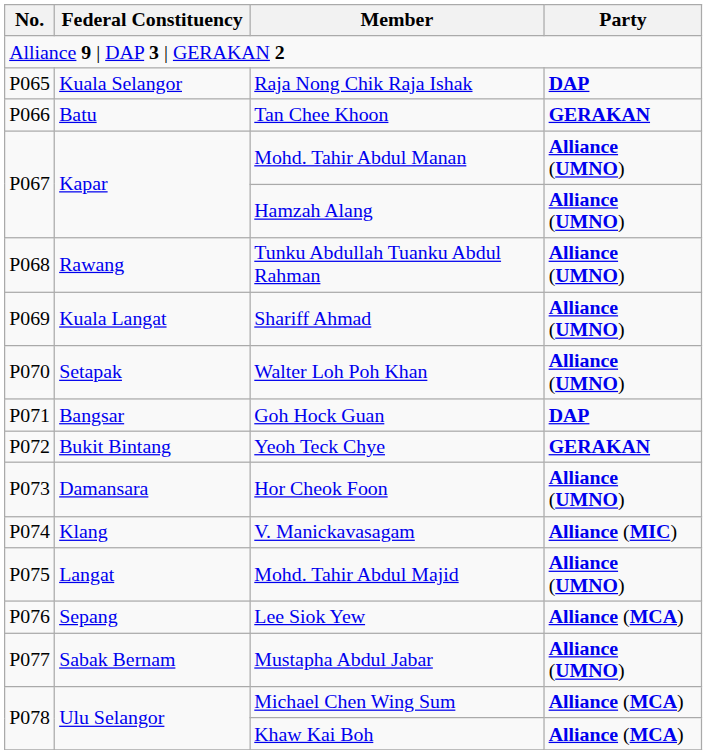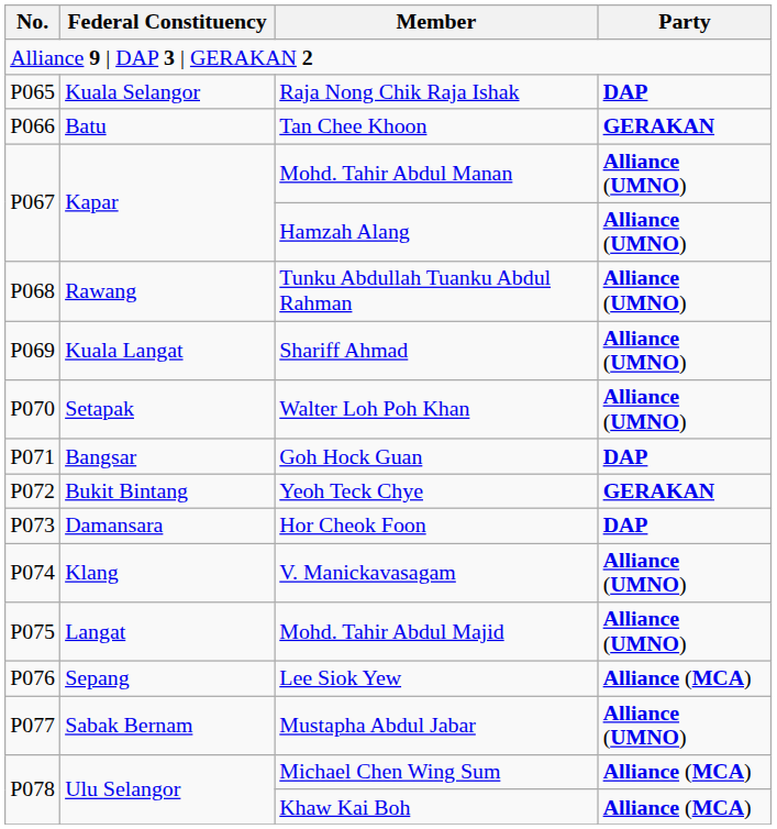 <table class="wikitable sortable">
 <tr>
 <th style="width:30px;">No.</th>
 <th style="width:150px;">Federal Constituency</th>
 <th style="width:230px;">Member</th>
 <th style="width:120px;">Party</th>
 </tr>
 <tr>
 <td colspan="4"><a href='#'>Alliance</a> <strong>9</strong> | <a href='#'>DAP</a> <strong>3</strong> | <a href='#'>GERAKAN</a> <strong>2</strong></td>
 </tr>
 <tr>
 <td>P065</td>
 <td><a href='#'>Kuala Selangor</a></td>
 <td><a href='#'>Raja Nong Chik Raja Ishak</a></td>
 <td><strong><a href='#'>DAP</a></strong></td>
 </tr>
 <tr>
 <td>P066</td>
 <td><a href='#'>Batu</a></td>
 <td><a href='#'>Tan Chee Khoon</a></td>
 <td><strong><a href='#'>GERAKAN</a></strong></td>
 </tr>
 <tr>
 <td rowspan=2>P067</td>
 <td rowspan=2><a href='#'>Kapar</a></td>
 <td><a href='#'>Mohd. Tahir Abdul Manan</a> </td>
 <td><strong><a href='#'>Alliance</a></strong> (<strong><a href='#'>UMNO</a></strong>)</td>
 </tr>
 <tr>
 <td><a href='#'>Hamzah Alang</a> </td>
 <td><strong><a href='#'>Alliance</a></strong> (<strong><a href='#'>UMNO</a></strong>)</td>
 </tr>
 <tr>
 <td>P068</td>
 <td><a href='#'>Rawang</a></td>
 <td><a href='#'>Tunku Abdullah Tuanku Abdul Rahman</a></td>
 <td><strong><a href='#'>Alliance</a></strong> (<strong><a href='#'>UMNO</a></strong>)</td>
 </tr>
 <tr>
 <td>P069</td>
 <td><a href='#'>Kuala Langat</a></td>
 <td><a href='#'>Shariff Ahmad</a></td>
 <td><strong><a href='#'>Alliance</a></strong> (<strong><a href='#'>UMNO</a></strong>)</td>
 </tr>
 <tr>
 <td>P070</td>
 <td><a href='#'>Setapak</a></td>
 <td><a href='#'>Walter Loh Poh Khan</a></td>
 <td><strong><a href='#'>Alliance</a></strong> (<strong><a href='#'>UMNO</a></strong>)</td>
 </tr>
 <tr>
 <td>P071</td>
 <td><a href='#'>Bangsar</a></td>
 <td><a href='#'>Goh Hock Guan</a></td>
 <td><strong><a href='#'>DAP</a></strong></td>
 </tr>
 <tr>
 <td>P072</td>
 <td><a href='#'>Bukit Bintang</a></td>
 <td><a href='#'>Yeoh Teck Chye</a></td>
 <td><strong><a href='#'>GERAKAN</a></strong></td>
 </tr>
 <tr>
 <td>P073</td>
 <td><a href='#'>Damansara</a></td>
 <td><a href='#'>Hor Cheok Foon</a></td>
-<td><strong><a href='#'>Alliance</a></strong> (<strong><a href='#'>UMNO</a></strong>)</td>
+<td><strong><a href='#'>DAP</a></strong></td>
 </tr>
 <tr>
 <td>P074</td>
 <td><a href='#'>Klang</a></td>
 <td><a href='#'>V. Manickavasagam</a></td>
-<td><strong><a href='#'>Alliance</a></strong> (<strong><a href='#'>MIC</a></strong>)</td>
+<td><strong><a href='#'>Alliance</a></strong> (<strong><a href='#'>UMNO</a></strong>)</td>
 </tr>
 <tr>
 <td>P075</td>
 <td><a href='#'>Langat</a></td>
 <td><a href='#'>Mohd. Tahir Abdul Majid</a></td>
 <td><strong><a href='#'>Alliance</a></strong> (<strong><a href='#'>UMNO</a></strong>)</td>
 </tr>
 <tr>
 <td>P076</td>
 <td><a href='#'>Sepang</a></td>
 <td><a href='#'>Lee Siok Yew</a></td>
 <td><strong><a href='#'>Alliance</a></strong> (<strong><a href='#'>MCA</a></strong>)</td>
 </tr>
 <tr>
 <td>P077</td>
 <td><a href='#'>Sabak Bernam</a></td>
 <td><a href='#'>Mustapha Abdul Jabar</a></td>
 <td><strong><a href='#'>Alliance</a></strong> (<strong><a href='#'>UMNO</a></strong>)</td>
 </tr>
 <tr>
 <td rowspan=2>P078</td>
 <td rowspan=2><a href='#'>Ulu Selangor</a></td>
 <td><a href='#'>Michael Chen Wing Sum</a> </td>
 <td><strong><a href='#'>Alliance</a></strong> (<strong><a href='#'>MCA</a></strong>)</td>
 </tr>
 <tr>
 <td><a href='#'>Khaw Kai Boh</a> </td>
 <td><strong><a href='#'>Alliance</a></strong> (<strong><a href='#'>MCA</a></strong>)</td>
 </tr>
 </table>
